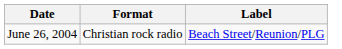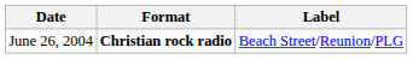 <table class="wikitable sortable plainrowheaders">
 <tr>
 <th scope="col">Date</th>
 <th scope="col">Format</th>
 <th scope="col">Label</th>
 </tr>
 <tr>
 <td rowspan="3">June 26, 2004</td>
-<td>Christian rock radio</td>
+<td><strong>Christian rock radio</strong></td>
 <td><a href='#'>Beach Street</a>/<a href='#'>Reunion</a>/<a href='#'>PLG</a></td>
 </tr>
 </table>
